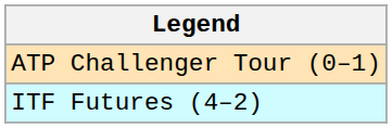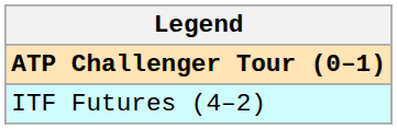 <table class=wikitable style=font-size:97%>
 <tr>
 <th>Legend</th>
 </tr>
 <tr bgcolor=moccasin>
-<td>ATP Challenger Tour (0–1)</td>
+<td><strong>ATP Challenger Tour (0–1)</strong></td>
 </tr>
 <tr bgcolor=cffcff>
 <td>ITF Futures (4–2)</td>
 </tr>
 </table>
